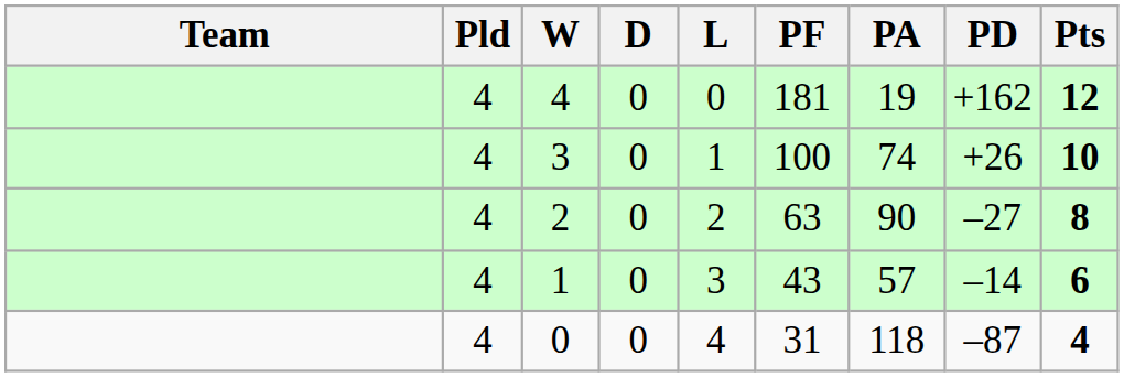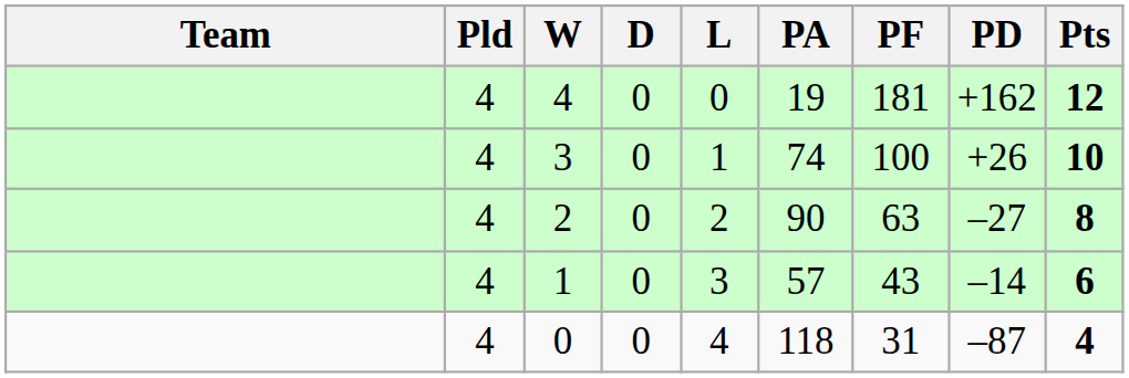 <table class="wikitable" style="text-align:center;">
 <tr>
 <th width=175>Team</th>
 <th width=25 abbr="Played">Pld</th>
 <th width=25 abbr="Won">W</th>
 <th width=25 abbr="Drawn">D</th>
 <th width=25 abbr="Lost">L</th>
+<th width=32 abbr="Points against">PA</th>
 <th width=32 abbr="Points for">PF</th>
-<th width=32 abbr="Points against">PA</th>
 <th width=32 abbr="Points difference">PD</th>
 <th width=25 abbr="Points">Pts</th>
 </tr>
 <tr bgcolor=ccffcc>
 <td align=left></td>
 <td>4</td>
 <td>4</td>
 <td>0</td>
 <td>0</td>
+<td>19</td>
 <td>181</td>
-<td>19</td>
 <td>+162</td>
 <td><strong>12</strong></td>
 </tr>
 <tr bgcolor=ccffcc>
 <td align=left></td>
 <td>4</td>
 <td>3</td>
 <td>0</td>
 <td>1</td>
+<td>74</td>
 <td>100</td>
-<td>74</td>
 <td>+26</td>
 <td><strong>10</strong></td>
 </tr>
 <tr bgcolor=ccffcc>
 <td align=left></td>
 <td>4</td>
 <td>2</td>
 <td>0</td>
 <td>2</td>
+<td>90</td>
 <td>63</td>
-<td>90</td>
 <td>–27</td>
 <td><strong>8</strong></td>
 </tr>
 <tr bgcolor=ccffcc>
 <td align=left></td>
 <td>4</td>
 <td>1</td>
 <td>0</td>
 <td>3</td>
+<td>57</td>
 <td>43</td>
-<td>57</td>
 <td>–14</td>
 <td><strong>6</strong></td>
 </tr>
 <tr>
 <td align=left></td>
 <td>4</td>
 <td>0</td>
 <td>0</td>
 <td>4</td>
+<td>118</td>
 <td>31</td>
-<td>118</td>
 <td>–87</td>
 <td><strong>4</strong></td>
 </tr>
 </table>
